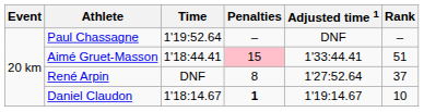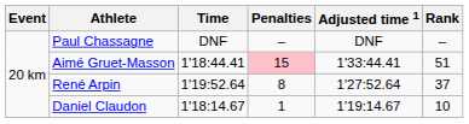 <table class="wikitable" style="font-size:90%">
 <tr>
 <th>Event</th>
 <th>Athlete</th>
 <th>Time</th>
 <th>Penalties</th>
 <th>Adjusted time <sup>1</sup></th>
 <th>Rank</th>
 </tr>
 <tr>
 <td rowspan="4">20 km</td>
 <td><a href='#'>Paul Chassagne</a></td>
-<td align="center">1'19:52.64</td>
+<td align="center">DNF</td>
 <td align="center">–</td>
 <td align="center">DNF</td>
 <td align="center">–</td>
 </tr>
 <tr>
 <td><a href='#'>Aimé Gruet-Masson</a></td>
 <td align="center">1'18:44.41</td>
 <td align="center" style="background: pink;">15</td>
 <td align="center">1'33:44.41</td>
 <td align="center">51</td>
 </tr>
 <tr>
 <td><a href='#'>René Arpin</a></td>
-<td align="center">DNF</td>
+<td align="center">1'19:52.64</td>
 <td align="center">8</td>
 <td align="center">1'27:52.64</td>
 <td align="center">37</td>
 </tr>
 <tr>
 <td><a href='#'>Daniel Claudon</a></td>
 <td align="center">1'18:14.67</td>
-<td align="center"><strong>1</strong></td>
+<td align="center">1</td>
 <td align="center">1'19:14.67</td>
 <td align="center">10</td>
 </tr>
 </table>
